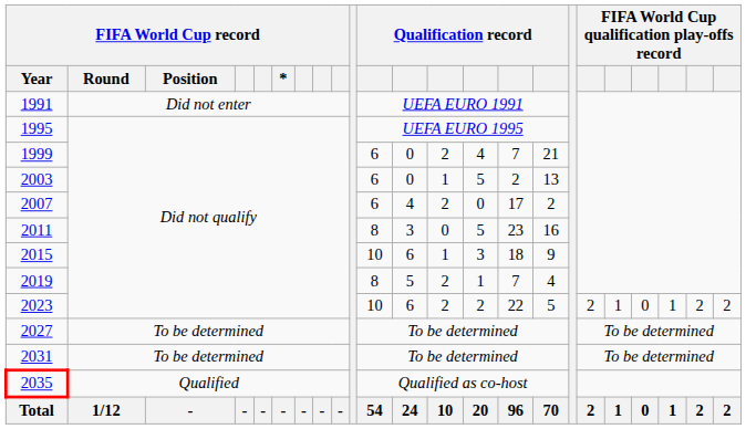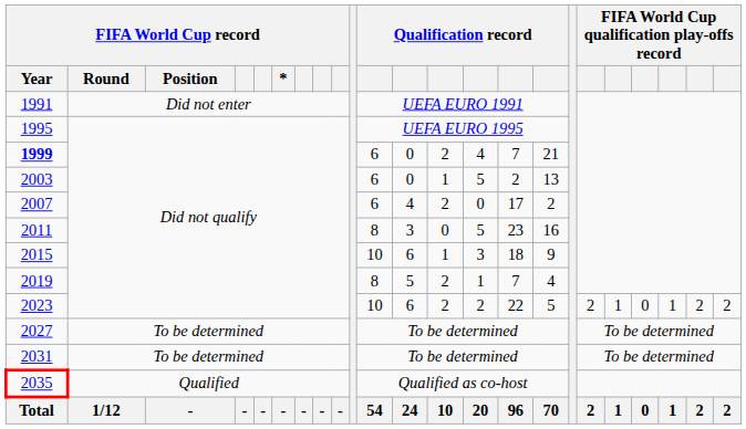 <table class="wikitable" style="text-align: center;">
 <tr>
 <th colspan=9><a href='#'>FIFA World Cup</a> record</th>
 <th width=1% rowspan=15></th>
 <th colspan="6"><a href='#'>Qualification</a> record</th>
 <th rowspan="15" width="1"></th>
 <th colspan="6">FIFA World Cup qualification play-offs record</th>
 </tr>
 <tr>
 <th>Year</th>
 <th>Round</th>
 <th>Position</th>
 <th></th>
 <th></th>
 <th>*</th>
 <th></th>
 <th></th>
 <th></th>
 <th></th>
 <th></th>
 <th></th>
 <th></th>
 <th></th>
 <th></th>
 <th width="20"></th>
 <th width="20"></th>
 <th width="20"></th>
 <th width="20"></th>
 <th width="20"></th>
 <th width="20"></th>
 </tr>
 <tr>
 <td> <a href='#'>1991</a></td>
 <td colspan=8 rowspan=1><em>Did not enter</em></td>
 <td colspan=6 rowspan=1><a href='#'><em>UEFA EURO 1991</em></a></td>
 </tr>
 <tr>
 <td> <a href='#'>1995</a></td>
 <td colspan=8 rowspan=8><em>Did not qualify</em></td>
 <td colspan=6 rowspan=1><a href='#'><em>UEFA EURO 1995</em></a></td>
 </tr>
 <tr>
-<td> <a href='#'>1999</a></td>
+<td><strong> <a href='#'>1999</a></strong></td>
 <td>6</td>
 <td>0</td>
 <td>2</td>
 <td>4</td>
 <td>7</td>
 <td>21</td>
 </tr>
 <tr>
 <td> <a href='#'>2003</a></td>
 <td>6</td>
 <td>0</td>
 <td>1</td>
 <td>5</td>
 <td>2</td>
 <td>13</td>
 </tr>
 <tr>
 <td> <a href='#'>2007</a></td>
 <td>6</td>
 <td>4</td>
 <td>2</td>
 <td>0</td>
 <td>17</td>
 <td>2</td>
 </tr>
 <tr>
 <td> <a href='#'>2011</a></td>
 <td>8</td>
 <td>3</td>
 <td>0</td>
 <td>5</td>
 <td>23</td>
 <td>16</td>
 </tr>
 <tr>
 <td> <a href='#'>2015</a></td>
 <td>10</td>
 <td>6</td>
 <td>1</td>
 <td>3</td>
 <td>18</td>
 <td>9</td>
 </tr>
 <tr>
 <td> <a href='#'>2019</a></td>
 <td>8</td>
 <td>5</td>
 <td>2</td>
 <td>1</td>
 <td>7</td>
 <td>4</td>
 </tr>
 <tr>
 <td> <a href='#'>2023</a></td>
 <td>10</td>
 <td>6</td>
 <td>2</td>
 <td>2</td>
 <td>22</td>
 <td>5</td>
 <td>2</td>
 <td>1</td>
 <td>0</td>
 <td>1</td>
 <td>2</td>
 <td>2</td>
 </tr>
 <tr>
 <td> <a href='#'>2027</a></td>
 <td colspan=8><em>To be determined</em></td>
 <td colspan=6><em>To be determined</em></td>
 <td colspan=6><em>To be determined</em></td>
 </tr>
 <tr>
 <td> <a href='#'>2031</a></td>
 <td colspan=8><em>To be determined</em></td>
 <td colspan=6><em>To be determined</em></td>
 <td colspan=6><em>To be determined</em></td>
 </tr>
 <tr>
 <td style="border: 3px solid red"> <a href='#'>2035</a></td>
 <td colspan=8><em>Qualified</em></td>
 <td colspan=6><em>Qualified as co-host</em></td>
 </tr>
 <tr>
 <th>Total</th>
 <th>1/12</th>
 <th>-</th>
 <th>-</th>
 <th>-</th>
 <th>-</th>
 <th>-</th>
 <th>-</th>
 <th>-</th>
 <th>54</th>
 <th>24</th>
 <th>10</th>
 <th>20</th>
 <th>96</th>
 <th>70</th>
 <th>2</th>
 <th>1</th>
 <th>0</th>
 <th>1</th>
 <th>2</th>
 <th>2</th>
 </tr>
 </table>
